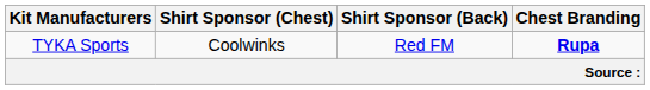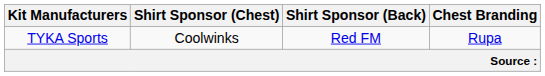 <table class="wikitable" style="text-align: center;">
 <tr>
 <th>Kit Manufacturers</th>
 <th>Shirt Sponsor (Chest)</th>
 <th>Shirt Sponsor (Back)</th>
 <th>Chest Branding</th>
 </tr>
 <tr>
 <td><a href='#'>TYKA Sports</a></td>
 <td>Coolwinks</td>
 <td><a href='#'>Red FM</a></td>
-<td><strong><a href='#'>Rupa</a></strong></td>
+<td><a href='#'>Rupa</a></td>
 </tr>
 <tr>
 <th colspan="4" style="text-align:right;"><small> Source : </small></th>
 </tr>
 </table>
